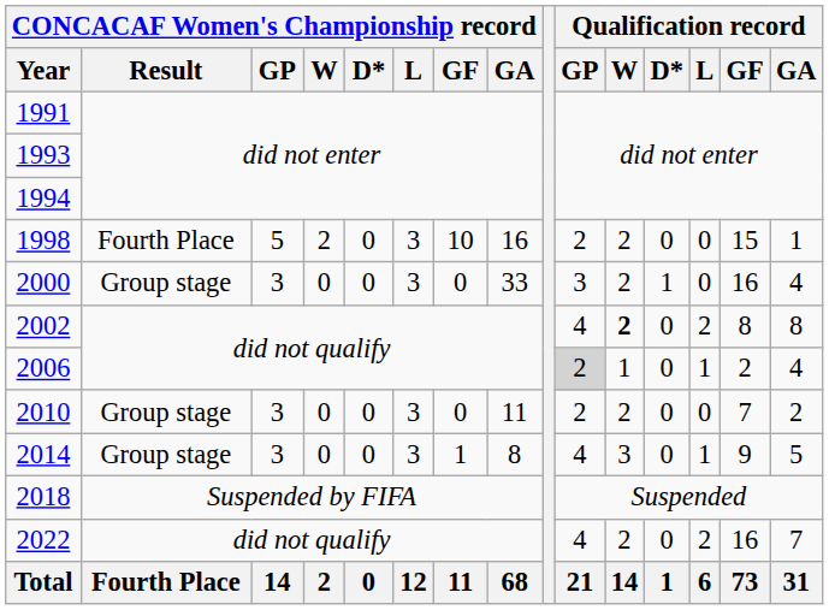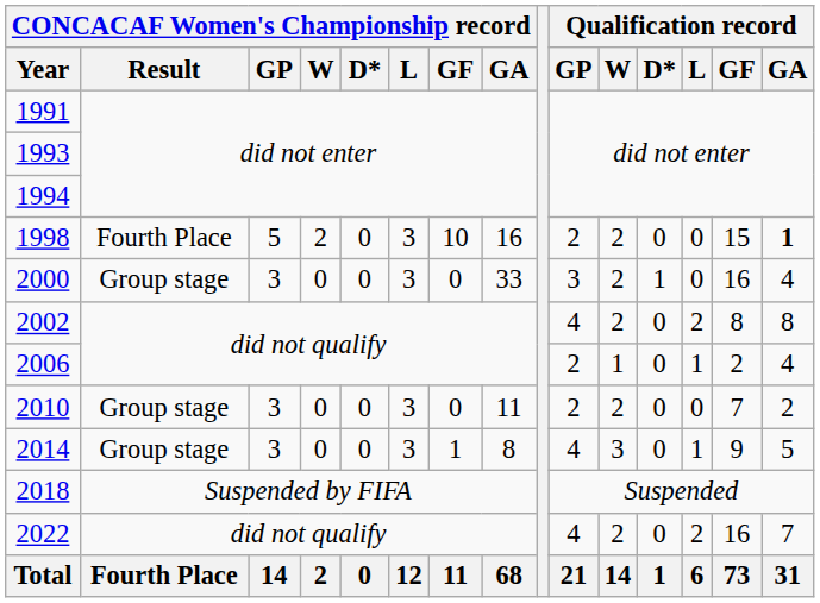 <table class="wikitable" style="text-align: center;">
 <tr>
 <th colspan=8><a href='#'>CONCACAF Women's Championship</a> record</th>
 <th rowspan=14></th>
 <th colspan=6>Qualification record</th>
 </tr>
 <tr>
 <th>Year</th>
 <th>Result</th>
 <th>GP</th>
 <th>W</th>
 <th>D*</th>
 <th>L</th>
 <th>GF</th>
 <th>GA</th>
 <th>GP</th>
 <th>W</th>
 <th>D*</th>
 <th>L</th>
 <th>GF</th>
 <th>GA</th>
 </tr>
 <tr>
 <td> <a href='#'>1991</a></td>
 <td colspan=7 rowspan=3><em>did not enter</em></td>
 <td colspan=6 rowspan=3><em>did not enter</em></td>
 </tr>
 <tr>
 <td> <a href='#'>1993</a></td>
 </tr>
 <tr>
 <td> <a href='#'>1994</a></td>
 </tr>
 <tr>
 <td> <a href='#'>1998</a></td>
 <td>Fourth Place</td>
 <td>5</td>
 <td>2</td>
 <td>0</td>
 <td>3</td>
 <td>10</td>
 <td>16</td>
 <td>2</td>
 <td>2</td>
 <td>0</td>
 <td>0</td>
 <td>15</td>
-<td>1</td>
+<td><strong>1</strong></td>
 </tr>
 <tr>
 <td> <a href='#'>2000</a></td>
 <td>Group stage</td>
 <td>3</td>
 <td>0</td>
 <td>0</td>
 <td>3</td>
 <td>0</td>
 <td>33</td>
 <td>3</td>
 <td>2</td>
 <td>1</td>
 <td>0</td>
 <td>16</td>
 <td>4</td>
 </tr>
 <tr>
 <td> <a href='#'>2002</a></td>
 <td colspan=7 rowspan=2><em>did not qualify</em></td>
 <td>4</td>
-<td><strong>2</strong></td>
+<td>2</td>
 <td>0</td>
 <td>2</td>
 <td>8</td>
 <td>8</td>
 </tr>
 <tr>
 <td> <a href='#'>2006</a></td>
-<td style="background: lightgrey;">2</td>
+<td>2</td>
 <td>1</td>
 <td>0</td>
 <td>1</td>
 <td>2</td>
 <td>4</td>
 </tr>
 <tr>
 <td> <a href='#'>2010</a></td>
 <td>Group stage</td>
 <td>3</td>
 <td>0</td>
 <td>0</td>
 <td>3</td>
 <td>0</td>
 <td>11</td>
 <td>2</td>
 <td>2</td>
 <td>0</td>
 <td>0</td>
 <td>7</td>
 <td>2</td>
 </tr>
 <tr>
 <td> <a href='#'>2014</a></td>
 <td>Group stage</td>
 <td>3</td>
 <td>0</td>
 <td>0</td>
 <td>3</td>
 <td>1</td>
 <td>8</td>
 <td>4</td>
 <td>3</td>
 <td>0</td>
 <td>1</td>
 <td>9</td>
 <td>5</td>
 </tr>
 <tr>
 <td> <a href='#'>2018</a></td>
 <td colspan=7><em>Suspended by FIFA</em></td>
 <td colspan=6><em>Suspended</em></td>
 </tr>
 <tr>
 <td> <a href='#'>2022</a></td>
 <td colspan=7><em>did not qualify</em></td>
 <td>4</td>
 <td>2</td>
 <td>0</td>
 <td>2</td>
 <td>16</td>
 <td>7</td>
 </tr>
 <tr>
 <th>Total</th>
 <th>Fourth Place</th>
 <th>14</th>
 <th>2</th>
 <th>0</th>
 <th>12</th>
 <th>11</th>
 <th>68</th>
 <th>21</th>
 <th>14</th>
 <th>1</th>
 <th>6</th>
 <th>73</th>
 <th>31</th>
 </tr>
 </table>
